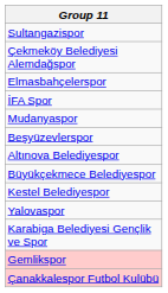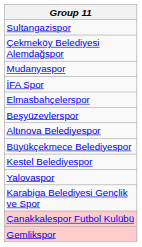 <table class="wikitable collapsible collapsed" style="font-size:95%;">
 <tr>
 <th colspan="1" width="200"><em>Group 11</em></th>
 </tr>
 <tr>
 <td><a href='#'>Sultangazispor</a></td>
 </tr>
 <tr>
 <td><a href='#'>Çekmeköy Belediyesi Alemdağspor</a></td>
 </tr>
 <tr>
-<td><a href='#'>Elmasbahçelerspor</a></td>
+<td><a href='#'>Mudanyaspor</a></td>
 </tr>
 <tr>
 <td><a href='#'>İFA Spor</a></td>
 </tr>
 <tr>
-<td><a href='#'>Mudanyaspor</a></td>
+<td><a href='#'>Elmasbahçelerspor</a></td>
 </tr>
 <tr>
 <td><a href='#'>Beşyüzevlerspor</a></td>
 </tr>
 <tr>
 <td><a href='#'>Altınova Belediyespor</a></td>
 </tr>
 <tr>
 <td><a href='#'>Büyükçekmece Belediyespor</a></td>
 </tr>
 <tr>
 <td><a href='#'>Kestel Belediyespor</a></td>
 </tr>
 <tr>
 <td><a href='#'>Yalovaspor</a></td>
 </tr>
 <tr>
 <td><a href='#'>Karabiga Belediyesi Gençlik ve Spor</a></td>
 </tr>
 <tr>
+<td style="background:#fcc;"><a href='#'>Çanakkalespor Futbol Kulübü</a></td>
+</tr>
+<tr>
 <td style="background:#fcc;"><a href='#'>Gemlikspor</a></td>
 </tr>
-<tr>
-<td style="background:#fcc;"><a href='#'>Çanakkalespor Futbol Kulübü</a></td>
-</tr>
 </table>
